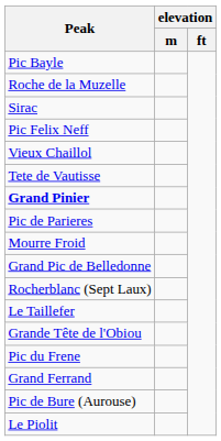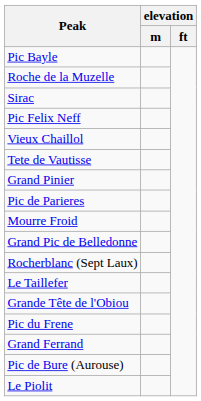 <table class="wikitable sortable" style="float:left">
 <tr>
 <th rowspan=2>Peak</th>
 <th colspan=2>elevation</th>
 </tr>
 <tr>
 <th>m</th>
 <th>ft</th>
 </tr>
 <tr>
 <td><a href='#'>Pic Bayle</a></td>
 <td></td>
 </tr>
 <tr>
 <td><a href='#'>Roche de la Muzelle</a></td>
 <td></td>
 </tr>
 <tr>
 <td><a href='#'>Sirac</a></td>
 <td></td>
 </tr>
 <tr>
 <td><a href='#'>Pic Felix Neff</a></td>
 <td></td>
 </tr>
 <tr>
 <td><a href='#'>Vieux Chaillol</a></td>
 <td></td>
 </tr>
 <tr>
 <td><a href='#'>Tete de Vautisse</a></td>
 <td></td>
 </tr>
 <tr>
-<td><strong><a href='#'>Grand Pinier</a></strong></td>
+<td><a href='#'>Grand Pinier</a></td>
 <td></td>
 </tr>
 <tr>
 <td><a href='#'>Pic de Parieres</a></td>
 <td></td>
 </tr>
 <tr>
 <td><a href='#'>Mourre Froid</a></td>
 <td></td>
 </tr>
 <tr>
 <td><a href='#'>Grand Pic de Belledonne</a></td>
 <td></td>
 </tr>
 <tr>
 <td><a href='#'>Rocherblanc</a> (Sept Laux)</td>
 <td></td>
 </tr>
 <tr>
 <td><a href='#'>Le Taillefer</a></td>
 <td></td>
 </tr>
 <tr>
 <td><a href='#'>Grande Tête de l'Obiou</a></td>
 <td></td>
 </tr>
 <tr>
 <td><a href='#'>Pic du Frene</a></td>
 <td></td>
 </tr>
 <tr>
 <td><a href='#'>Grand Ferrand</a></td>
 <td></td>
 </tr>
 <tr>
 <td><a href='#'>Pic de Bure</a> (Aurouse)</td>
 <td></td>
 </tr>
 <tr>
 <td><a href='#'>Le Piolit</a></td>
 <td></td>
 </tr>
 </table>
